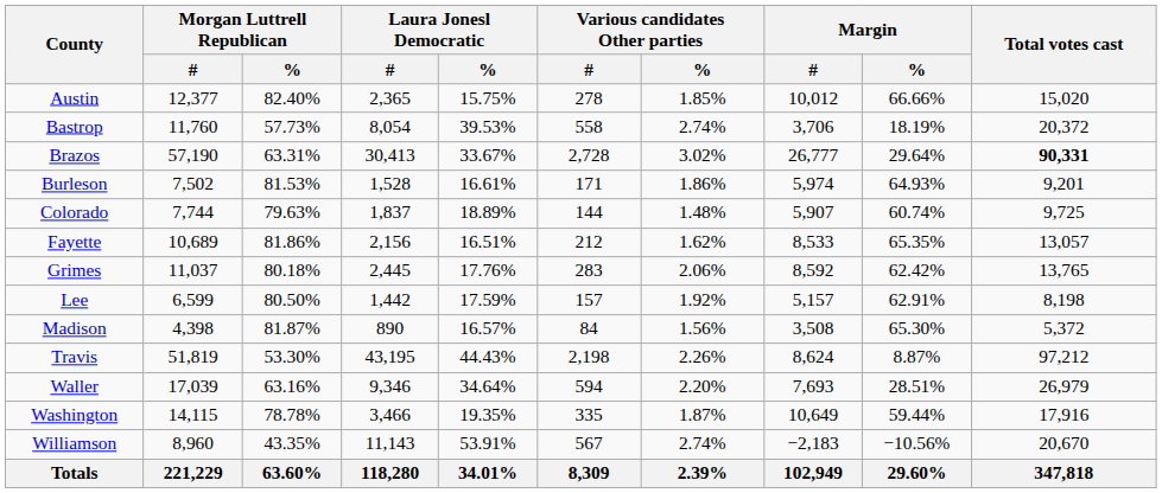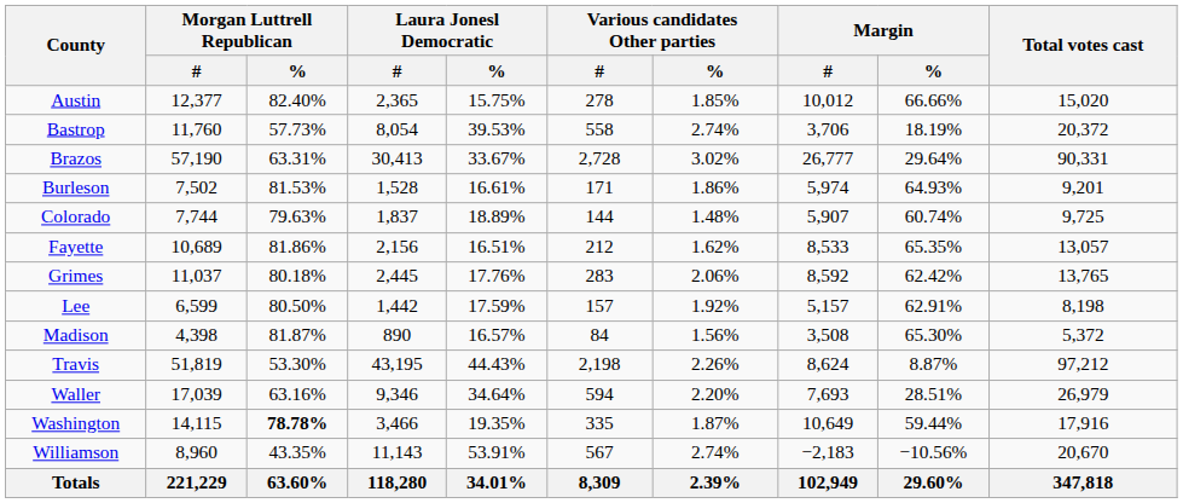 <table width="80%"  class="wikitable sortable" style="text-align:center">
 <tr>
 <th rowspan="2">County</th>
 <th style="text-align:center;" colspan="2">Morgan Luttrell<br>Republican</th>
 <th style="text-align:center;" colspan="2">Laura Jonesl<br>Democratic</th>
 <th style="text-align:center;" colspan="2">Various candidates<br>Other parties</th>
 <th style="text-align:center;" colspan="2">Margin</th>
 <th rowspan="2" style="text-align:center;">Total votes cast</th>
 </tr>
 <tr>
 <th style="text-align:center;" data-sort-type="number">#</th>
 <th style="text-align:center;" data-sort-type="number">%</th>
 <th style="text-align:center;" data-sort-type="number">#</th>
 <th style="text-align:center;" data-sort-type="number">%</th>
 <th style="text-align:center;" data-sort-type="number">#</th>
 <th style="text-align:center;" data-sort-type="number">%</th>
 <th style="text-align:center;" data-sort-type="number">#</th>
 <th style="text-align:center;" data-sort-type="number">%</th>
 </tr>
 <tr style="text-align:center;">
 <td style="background-color:"><a href='#'>Austin</a></td>
 <td style="background-color:">12,377</td>
 <td style="background-color:">82.40%</td>
 <td style="color:black;background-color:">2,365</td>
 <td style="color:black;background-color:">15.75%</td>
 <td style="background:">278</td>
 <td style="background:">1.85%</td>
 <td style="background-color:">10,012</td>
 <td style="background-color:">66.66%</td>
 <td style="background-color:">15,020</td>
 </tr>
 <tr style="text-align:center;">
 <td style="background-color:"><a href='#'>Bastrop</a></td>
 <td style="background-color:">11,760</td>
 <td style="background-color:">57.73%</td>
 <td style="color:black;background-color:">8,054</td>
 <td style="color:black;background-color:">39.53%</td>
 <td style="background:">558</td>
 <td style="background:">2.74%</td>
 <td style="background-color:">3,706</td>
 <td style="background-color:">18.19%</td>
 <td style="background-color:">20,372</td>
 </tr>
 <tr style="text-align:center;">
 <td style="background-color:"><a href='#'>Brazos</a></td>
 <td style="background-color:">57,190</td>
 <td style="background-color:">63.31%</td>
 <td style="color:black;background-color:">30,413</td>
 <td style="color:black;background-color:">33.67%</td>
 <td style="background:">2,728</td>
 <td style="background:">3.02%</td>
 <td style="background-color:">26,777</td>
 <td style="background-color:">29.64%</td>
-<td style="background-color:"><strong>90,331</strong></td>
+<td style="background-color:">90,331</td>
 </tr>
 <tr style="text-align:center;">
 <td style="background-color:"><a href='#'>Burleson</a></td>
 <td style="background-color:">7,502</td>
 <td style="background-color:">81.53%</td>
 <td style="color:black;background-color:">1,528</td>
 <td style="color:black;background-color:">16.61%</td>
 <td style="background:">171</td>
 <td style="background:">1.86%</td>
 <td style="background-color:">5,974</td>
 <td style="background-color:">64.93%</td>
 <td style="background-color:">9,201</td>
 </tr>
 <tr style="text-align:center;">
 <td style="background-color:"><a href='#'>Colorado</a></td>
 <td style="background-color:">7,744</td>
 <td style="background-color:">79.63%</td>
 <td style="color:black;background-color:">1,837</td>
 <td style="color:black;background-color:">18.89%</td>
 <td style="background:">144</td>
 <td style="background:">1.48%</td>
 <td style="background-color:">5,907</td>
 <td style="background-color:">60.74%</td>
 <td style="background-color:">9,725</td>
 </tr>
 <tr style="text-align:center;">
 <td style="background-color:"><a href='#'>Fayette</a></td>
 <td style="background-color:">10,689</td>
 <td style="background-color:">81.86%</td>
 <td style="color:black;background-color:">2,156</td>
 <td style="color:black;background-color:">16.51%</td>
 <td style="background:">212</td>
 <td style="background:">1.62%</td>
 <td style="background-color:">8,533</td>
 <td style="background-color:">65.35%</td>
 <td style="background-color:">13,057</td>
 </tr>
 <tr style="text-align:center;">
 <td style="background-color:"><a href='#'>Grimes</a></td>
 <td style="background-color:">11,037</td>
 <td style="background-color:">80.18%</td>
 <td style="color:black;background-color:">2,445</td>
 <td style="color:black;background-color:">17.76%</td>
 <td style="background:">283</td>
 <td style="background:">2.06%</td>
 <td style="background-color:">8,592</td>
 <td style="background-color:">62.42%</td>
 <td style="background-color:">13,765</td>
 </tr>
 <tr style="text-align:center;">
 <td style="background-color:"><a href='#'>Lee</a></td>
 <td style="background-color:">6,599</td>
 <td style="background-color:">80.50%</td>
 <td style="color:black;background-color:">1,442</td>
 <td style="color:black;background-color:">17.59%</td>
 <td style="background:">157</td>
 <td style="background:">1.92%</td>
 <td style="background-color:">5,157</td>
 <td style="background-color:">62.91%</td>
 <td style="background-color:">8,198</td>
 </tr>
 <tr style="text-align:center;">
 <td style="background-color:"><a href='#'>Madison</a></td>
 <td style="background-color:">4,398</td>
 <td style="background-color:">81.87%</td>
 <td style="color:black;background-color:">890</td>
 <td style="color:black;background-color:">16.57%</td>
 <td style="background:">84</td>
 <td style="background:">1.56%</td>
 <td style="background-color:">3,508</td>
 <td style="background-color:">65.30%</td>
 <td style="background-color:">5,372</td>
 </tr>
 <tr style="text-align:center;">
 <td style="background-color:"><a href='#'>Travis</a></td>
 <td style="background-color:">51,819</td>
 <td style="background-color:">53.30%</td>
 <td style="color:black;background-color:">43,195</td>
 <td style="color:black;background-color:">44.43%</td>
 <td style="background:">2,198</td>
 <td style="background:">2.26%</td>
 <td style="background-color:">8,624</td>
 <td style="background-color:">8.87%</td>
 <td style="background-color:">97,212</td>
 </tr>
 <tr style="text-align:center;">
 <td style="background-color:"><a href='#'>Waller</a></td>
 <td style="background-color:">17,039</td>
 <td style="background-color:">63.16%</td>
 <td style="color:black;background-color:">9,346</td>
 <td style="color:black;background-color:">34.64%</td>
 <td style="background:">594</td>
 <td style="background:">2.20%</td>
 <td style="background-color:">7,693</td>
 <td style="background-color:">28.51%</td>
 <td style="background-color:">26,979</td>
 </tr>
 <tr style="text-align:center;">
 <td style="background-color:"><a href='#'>Washington</a></td>
 <td style="background-color:">14,115</td>
-<td style="background-color:">78.78%</td>
+<td style="background-color:"><strong>78.78%</strong></td>
 <td style="color:black;background-color:">3,466</td>
 <td style="color:black;background-color:">19.35%</td>
 <td style="background:">335</td>
 <td style="background:">1.87%</td>
 <td style="background-color:">10,649</td>
 <td style="background-color:">59.44%</td>
 <td style="background-color:">17,916</td>
 </tr>
 <tr style="text-align:center;">
 <td style="color:black;background-color:"><a href='#'>Williamson</a></td>
 <td style="background-color:">8,960</td>
 <td style="background-color:">43.35%</td>
 <td style="color:black;background-color:">11,143</td>
 <td style="color:black;background-color:">53.91%</td>
 <td style="background:">567</td>
 <td style="background:">2.74%</td>
 <td style="color:black;background-color:">−2,183</td>
 <td style="color:black;background-color:">−10.56%</td>
 <td style="color:black;background-color:">20,670</td>
 </tr>
 <tr style="text-align:center;">
 <th>Totals</th>
 <th>221,229</th>
 <th>63.60%</th>
 <th>118,280</th>
 <th>34.01%</th>
 <th>8,309</th>
 <th>2.39%</th>
 <th>102,949</th>
 <th>29.60%</th>
 <th>347,818</th>
 </tr>
 </table>
